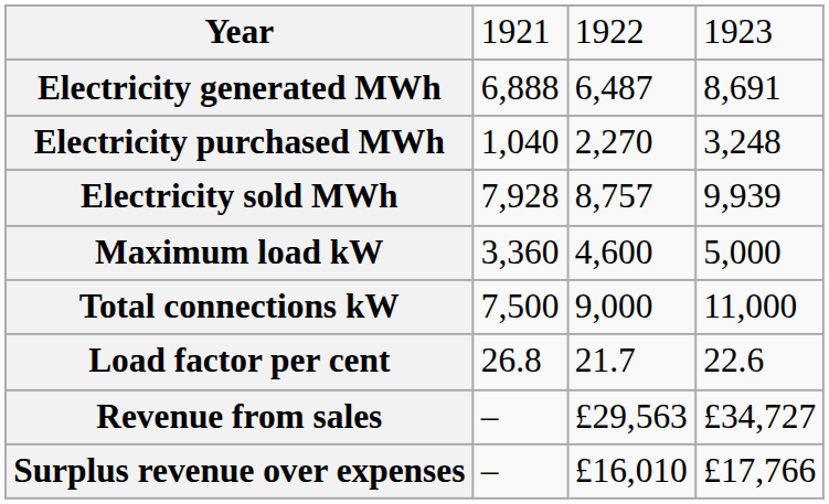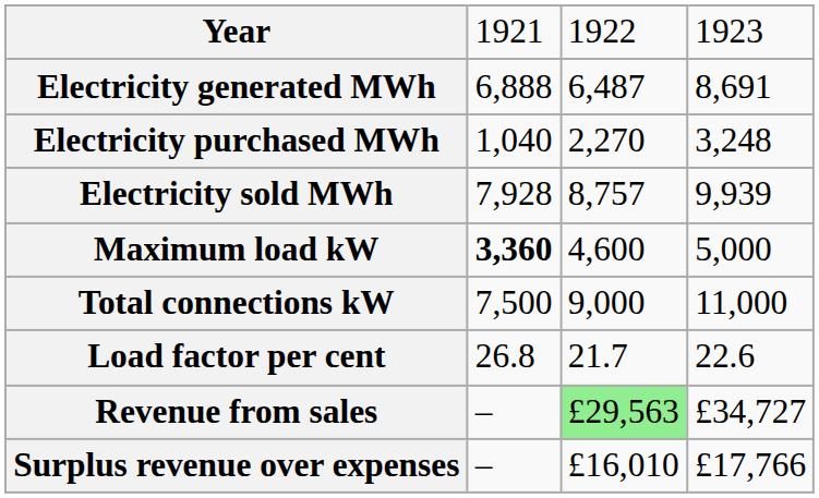 <table class="wikitable">
 <tr>
 <th>Year</th>
 <td>1921</td>
 <td>1922</td>
 <td>1923</td>
 </tr>
 <tr>
 <th>Electricity generated MWh</th>
 <td>6,888</td>
 <td>6,487</td>
 <td>8,691</td>
 </tr>
 <tr>
 <th>Electricity purchased MWh</th>
 <td>1,040</td>
 <td>2,270</td>
 <td>3,248</td>
 </tr>
 <tr>
 <th>Electricity sold MWh</th>
 <td>7,928</td>
 <td>8,757</td>
 <td>9,939</td>
 </tr>
 <tr>
 <th>Maximum load kW</th>
-<td>3,360</td>
+<td><strong>3,360</strong></td>
 <td>4,600</td>
 <td>5,000</td>
 </tr>
 <tr>
 <th>Total connections kW</th>
 <td>7,500</td>
 <td>9,000</td>
 <td>11,000</td>
 </tr>
 <tr>
 <th>Load factor per cent</th>
 <td>26.8</td>
 <td>21.7</td>
 <td>22.6</td>
 </tr>
 <tr>
 <th>Revenue from sales</th>
 <td>–</td>
-<td>£29,563</td>
+<td style="background: lightgreen;">£29,563</td>
 <td>£34,727</td>
 </tr>
 <tr>
 <th>Surplus revenue over expenses</th>
 <td>–</td>
 <td>£16,010</td>
 <td>£17,766</td>
 </tr>
 </table>
